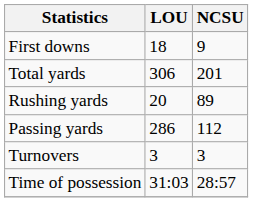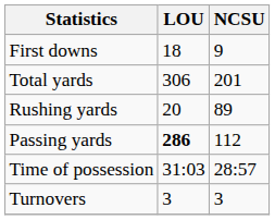 <table class="wikitable">
 <tr>
 <th>Statistics</th>
 <th>LOU</th>
 <th>NCSU</th>
 </tr>
 <tr>
 <td>First downs</td>
 <td>18</td>
 <td>9</td>
 </tr>
 <tr>
 <td>Total yards</td>
 <td>306</td>
 <td>201</td>
 </tr>
 <tr>
 <td>Rushing yards</td>
 <td>20</td>
 <td>89</td>
 </tr>
 <tr>
 <td>Passing yards</td>
-<td>286</td>
+<td><strong>286</strong></td>
 <td>112</td>
+</tr>
+<tr>
+<td>Time of possession</td>
+<td>31:03</td>
+<td>28:57</td>
 </tr>
 <tr>
 <td>Turnovers</td>
 <td>3</td>
 <td>3</td>
 </tr>
 <tr>
-<td>Time of possession</td>
-<td>31:03</td>
-<td>28:57</td>
-</tr>
-<tr>
 </tr>
 </table>
